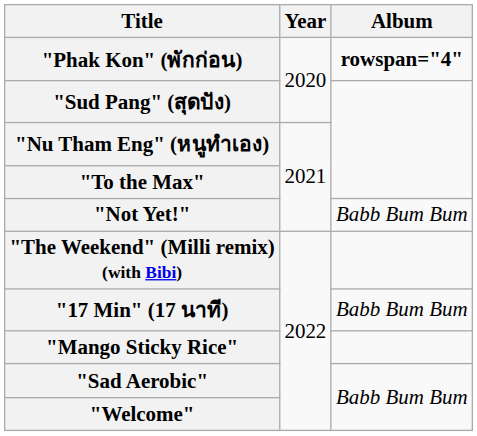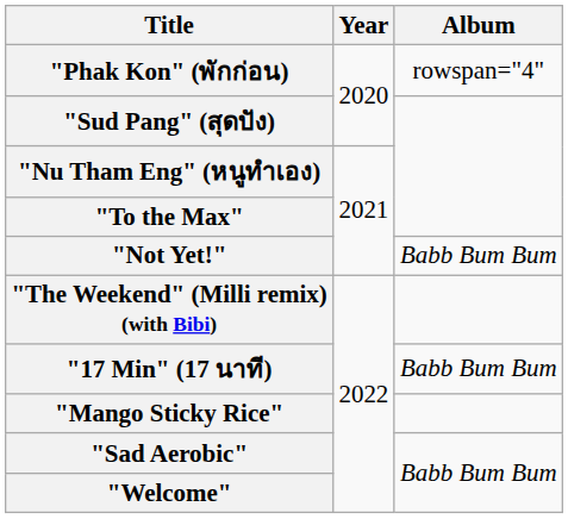 <table class="wikitable plainrowheaders" style="text-align:center;">
 <tr>
 <th>Title</th>
 <th>Year</th>
 <th>Album</th>
 </tr>
 <tr>
 <th scope="row">"Phak Kon" (พักก่อน)</th>
 <td rowspan="2">2020</td>
-<td><strong>rowspan="4" </strong></td>
+<td>rowspan="4" </td>
 </tr>
 <tr>
 <th scope="row">"Sud Pang" (สุดปัง)</th>
 </tr>
 <tr>
 <th scope="row">"Nu Tham Eng" (หนูทำเอง)</th>
 <td rowspan="3">2021</td>
 </tr>
 <tr>
 <th scope="row">"To the Max"</th>
 </tr>
 <tr>
 <th scope="row">"Not Yet!"</th>
 <td><em>Babb Bum Bum</em></td>
 </tr>
 <tr>
 <th scope="row">"The Weekend" (Milli remix)<br><small>(with <a href='#'>Bibi</a>)</small></th>
 <td rowspan="5">2022</td>
 <td></td>
 </tr>
 <tr>
 <th scope="row">"17 Min" (17 นาที)</th>
 <td><em>Babb Bum Bum</em></td>
 </tr>
 <tr>
 <th scope="row">"Mango Sticky Rice"</th>
 <td></td>
 </tr>
 <tr>
 <th scope="row">"Sad Aerobic"</th>
 <td rowspan="2"><em>Babb Bum Bum</em></td>
 </tr>
 <tr>
 <th scope="row">"Welcome"</th>
 </tr>
 </table>
